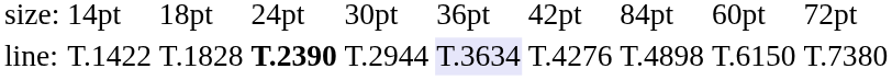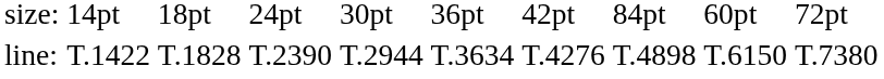 <table style="margin-left:40px;">
 <tr>
 <td>size:</td>
 <td>14pt</td>
 <td>18pt</td>
 <td>24pt</td>
 <td>30pt</td>
 <td>36pt</td>
 <td>42pt</td>
 <td>84pt</td>
 <td>60pt</td>
 <td>72pt</td>
 </tr>
 <tr>
 <td>line:</td>
 <td>T.1422</td>
 <td>T.1828</td>
-<td><strong>T.2390</strong></td>
+<td>T.2390</td>
 <td>T.2944</td>
-<td style="background: lavender;">T.3634</td>
+<td>T.3634</td>
 <td>T.4276</td>
 <td>T.4898</td>
 <td>T.6150</td>
 <td>T.7380</td>
 </tr>
 </table>
